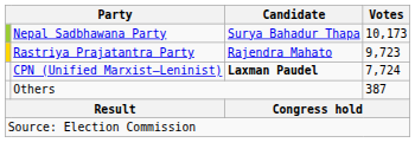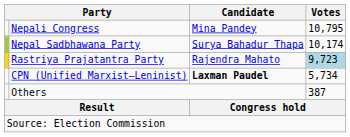 <table class="wikitable">
 <tr>
 <th colspan="2">Party</th>
 <th>Candidate</th>
 <th>Votes</th>
 </tr>
 <tr>
+<td style="background-color:"></td>
+<td><a href='#'>Nepali Congress</a></td>
+<td><a href='#'>Mina Pandey</a></td>
+<td>10,795</td>
+</tr>
+<tr>
 <td style="background-color:yellowgreen"></td>
 <td><a href='#'>Nepal Sadbhawana Party</a></td>
 <td><a href='#'>Surya Bahadur Thapa</a></td>
-<td>10,173</td>
+<td>10,174</td>
 </tr>
 <tr>
 <td style="background-color:gold"></td>
 <td><a href='#'>Rastriya Prajatantra Party</a></td>
 <td><a href='#'>Rajendra Mahato</a></td>
-<td>9,723</td>
+<td style="background: lightblue;">9,723</td>
 </tr>
 <tr>
 <td style="background-color:"></td>
 <td><a href='#'>CPN (Unified Marxist–Leninist)</a></td>
 <td><strong>Laxman Paudel</strong></td>
-<td>7,724</td>
+<td>5,734</td>
 </tr>
 <tr>
 <td></td>
 <td colspan="2">Others</td>
 <td>387</td>
 </tr>
 <tr>
 <th colspan="2">Result</th>
 <th colspan="2">Congress hold</th>
 </tr>
 <tr>
 <td colspan="4">Source: Election Commission</td>
 </tr>
 </table>
